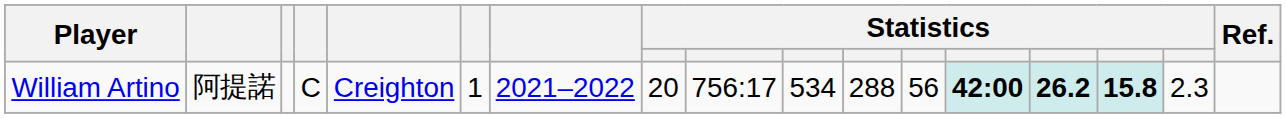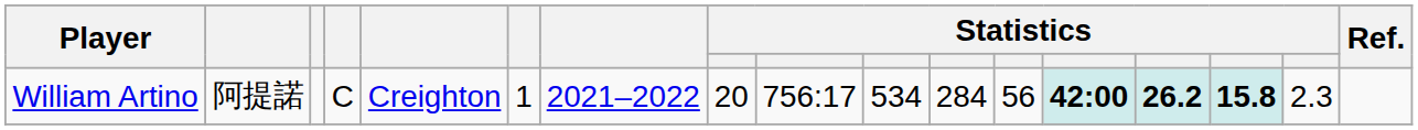 <table class="wikitable sortable" style="font-size:95%; text-align:right;">
 <tr>
 <th rowspan="2">Player</th>
 <th rowspan="2"></th>
 <th rowspan="2"></th>
 <th rowspan="2"></th>
 <th rowspan="2"></th>
 <th rowspan="2"></th>
 <th rowspan="2"></th>
 <th colspan="9">Statistics</th>
 <th rowspan="2">Ref.</th>
 </tr>
 <tr>
 <th></th>
 <th></th>
 <th></th>
 <th></th>
 <th></th>
 <th></th>
 <th></th>
 <th></th>
 <th></th>
 </tr>
 <tr>
 <td align="left"><a href='#'>William Artino</a></td>
 <td align="left">阿提諾</td>
 <td align="center"></td>
 <td align="center">C</td>
 <td align="left"><a href='#'>Creighton</a></td>
 <td align="center">1</td>
 <td align="center"><a href='#'>2021–2022</a></td>
 <td>20</td>
 <td>756:17</td>
 <td>534</td>
-<td>288</td>
+<td>284</td>
 <td>56</td>
 <td bgcolor="#CFECEC"><strong>42:00</strong></td>
 <td bgcolor="#CFECEC"><strong>26.2</strong></td>
 <td bgcolor="#CFECEC"><strong>15.8</strong></td>
 <td>2.3</td>
 <td align="center"></td>
 </tr>
 </table>
